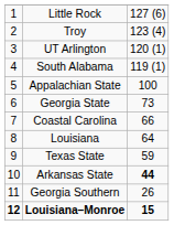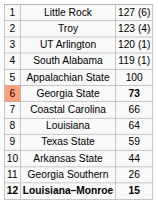 <table class="wikitable">
 <tr align="center">
 </tr>
 <tr align="center">
 <td>1</td>
 <td>Little Rock</td>
 <td>127 (6)</td>
 </tr>
 <tr align="center">
 <td>2</td>
 <td>Troy</td>
 <td>123 (4)</td>
 </tr>
 <tr align="center">
 <td>3</td>
 <td>UT Arlington</td>
 <td>120 (1)</td>
 </tr>
 <tr align="center">
 <td>4</td>
 <td>South Alabama</td>
 <td>119 (1)</td>
 </tr>
 <tr align="center">
 <td>5</td>
 <td>Appalachian State</td>
 <td>100</td>
 </tr>
 <tr align="center">
-<td>6</td>
+<td style="background: lightsalmon;">6</td>
 <td>Georgia State</td>
-<td>73</td>
+<td><strong>73</strong></td>
 </tr>
 <tr align="center">
 <td>7</td>
 <td>Coastal Carolina</td>
 <td>66</td>
 </tr>
 <tr align="center">
 <td>8</td>
 <td>Louisiana</td>
 <td>64</td>
 </tr>
 <tr align="center">
 <td>9</td>
 <td>Texas State</td>
 <td>59</td>
 </tr>
 <tr align="center">
 <td>10</td>
 <td>Arkansas State</td>
-<td><strong>44</strong></td>
+<td>44</td>
 </tr>
 <tr align="center">
 <td>11</td>
 <td>Georgia Southern</td>
 <td>26</td>
 </tr>
 <tr align="center">
 <td><strong>12</strong></td>
 <td><strong>Louisiana–Monroe</strong></td>
 <td><strong>15</strong></td>
 </tr>
 </table>
